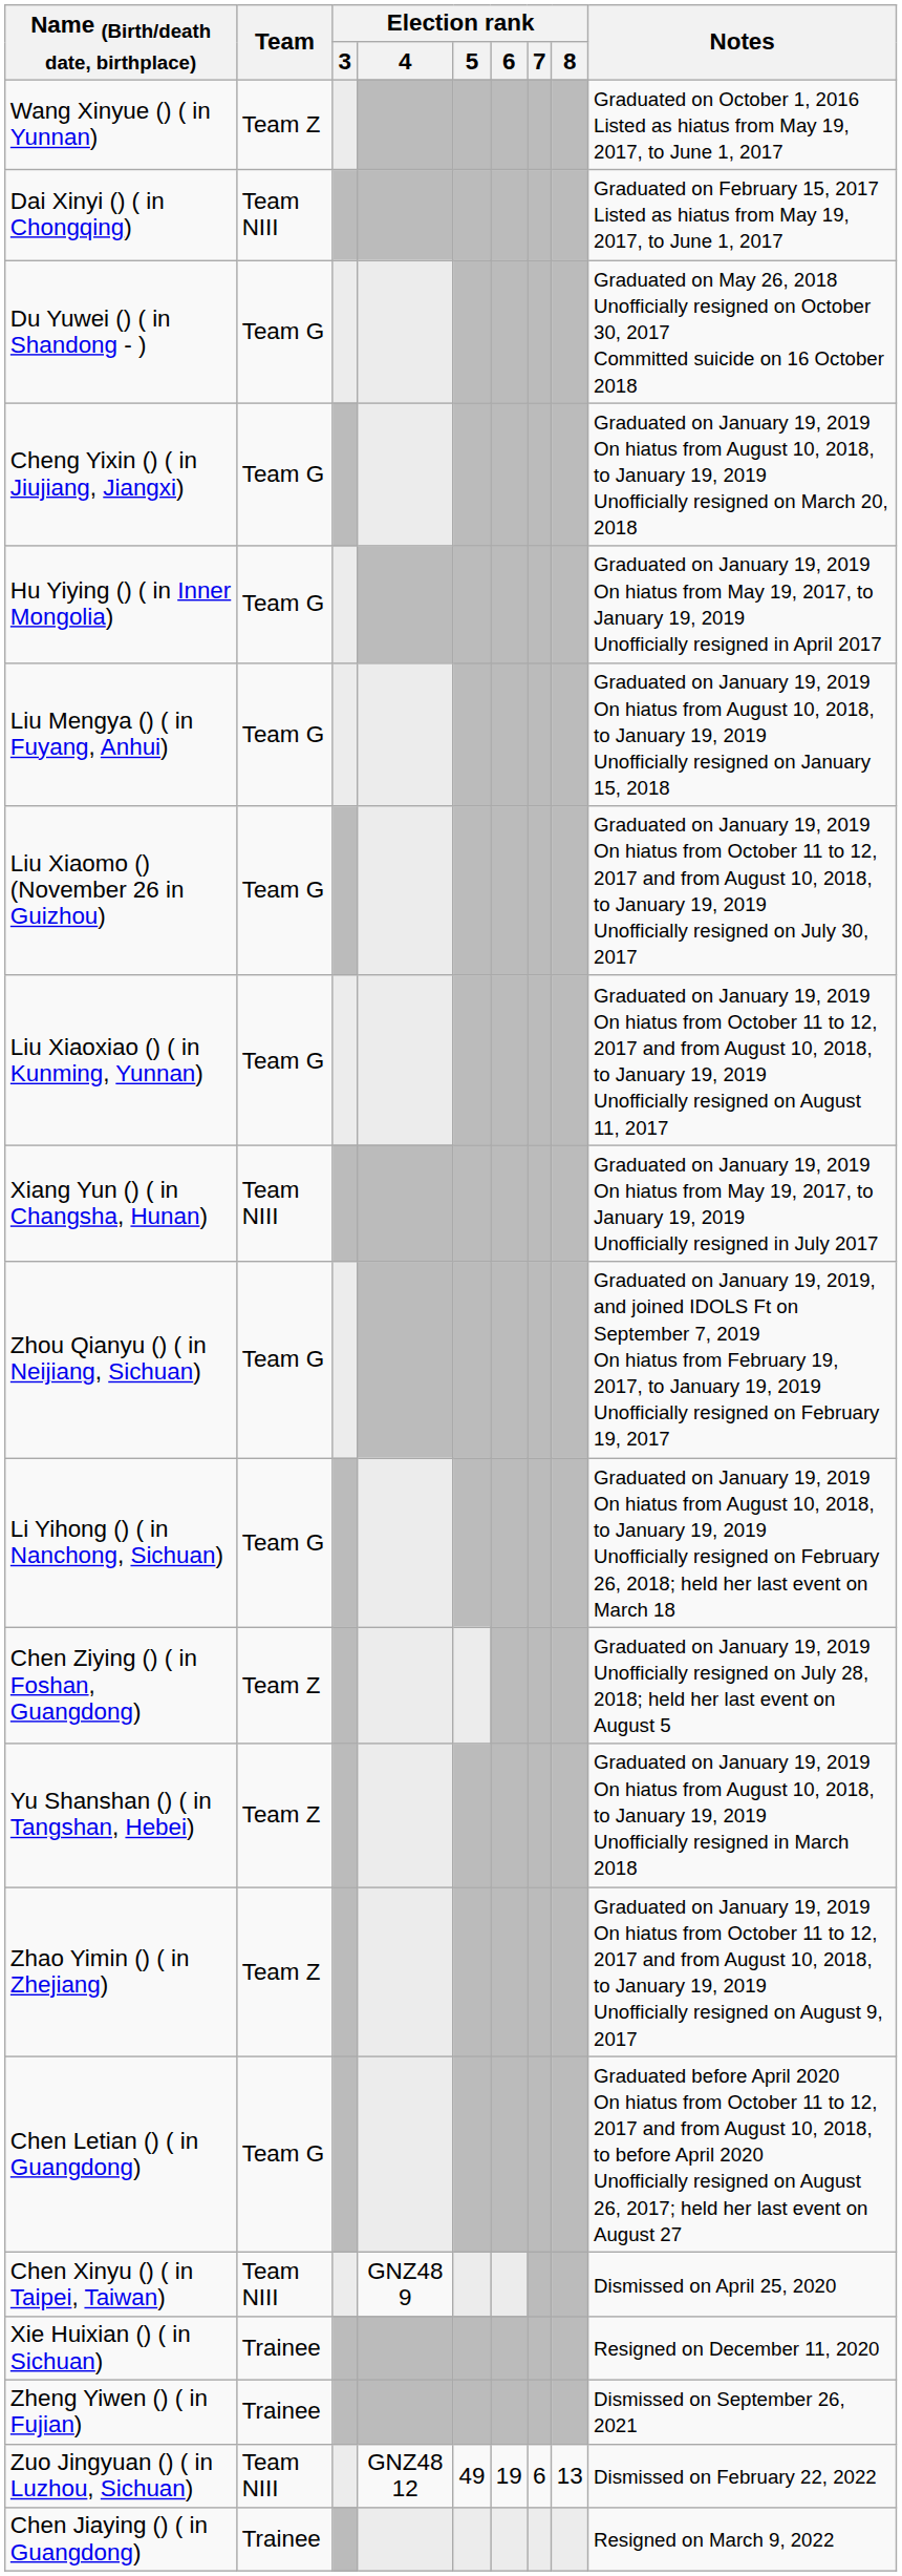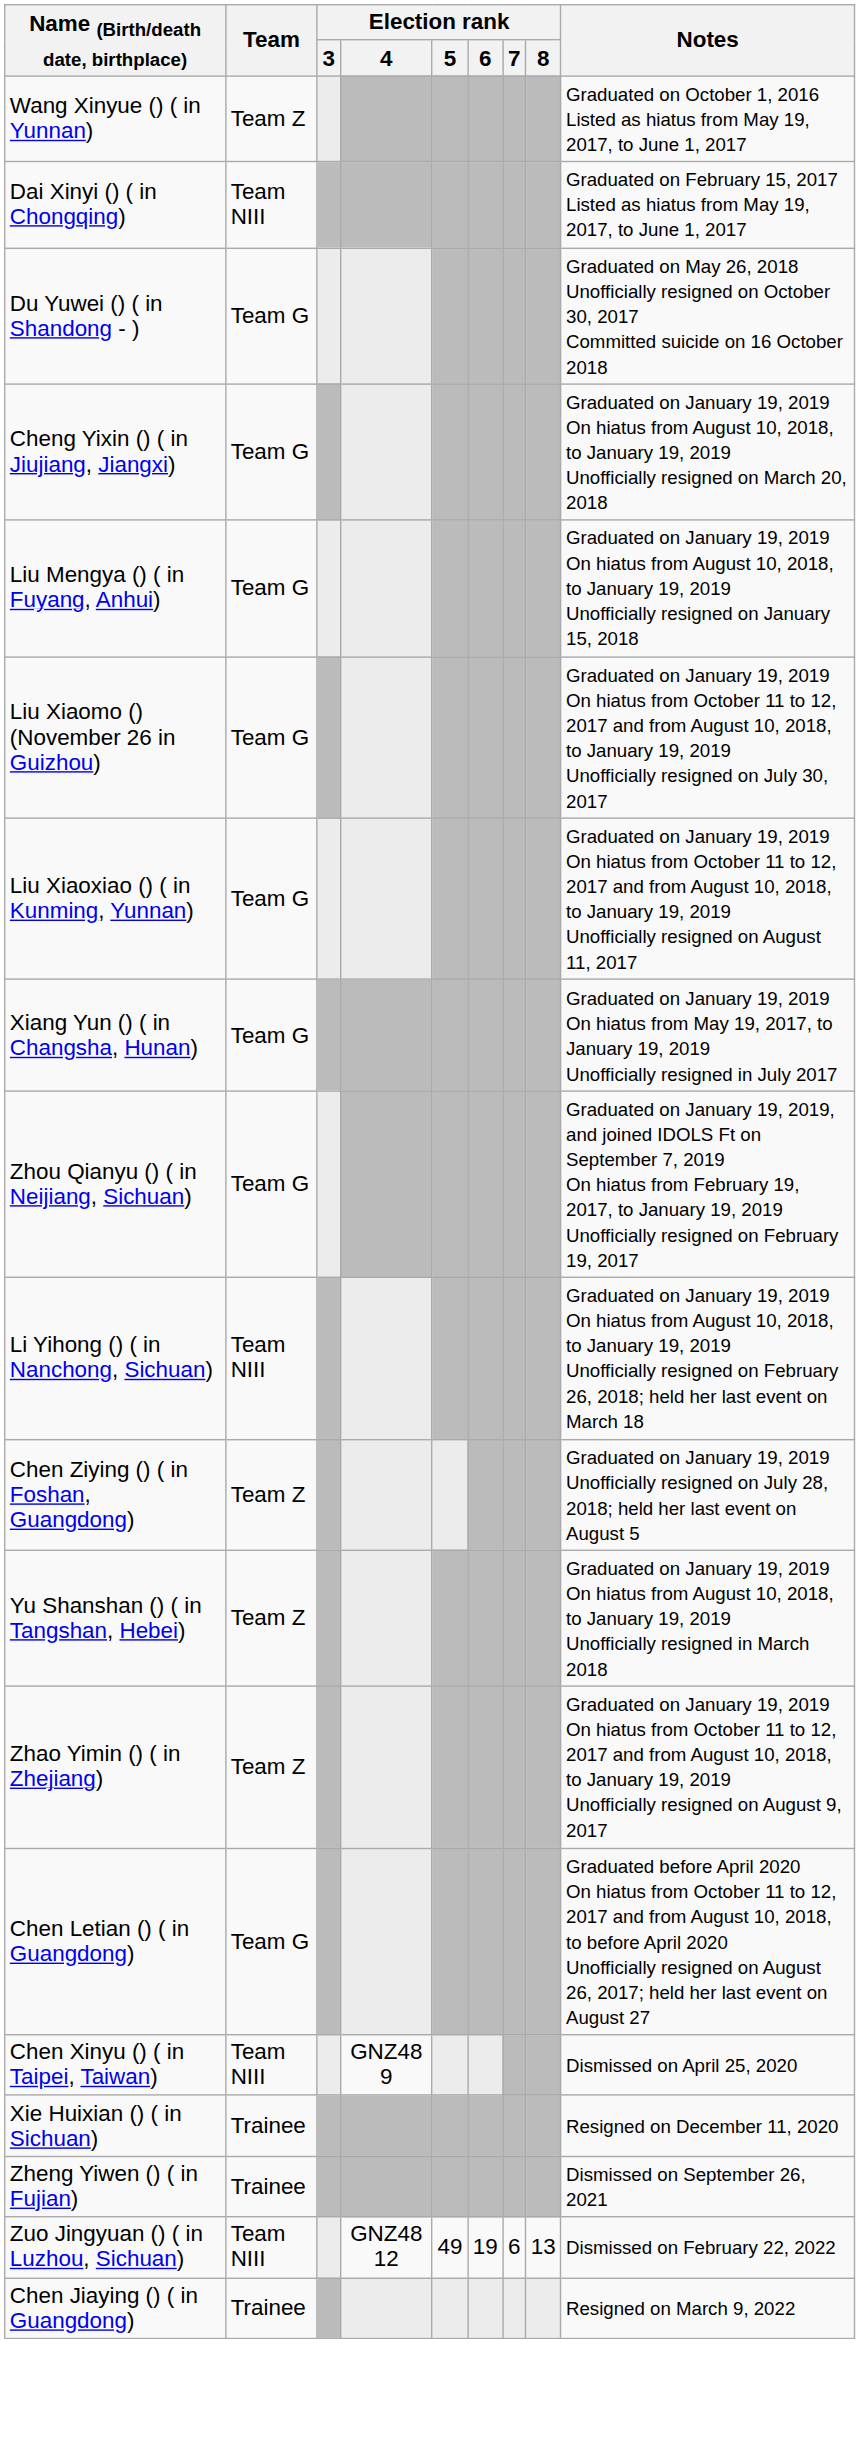 <table class="wikitable" style="text-align:center;">
 <tr>
 <th rowspan="2">Name <sub>(Birth/death date, birthplace)</sub></th>
 <th rowspan="2">Team</th>
 <th colspan="6" class="unsortable">Election rank</th>
 <th rowspan="2">Notes</th>
 </tr>
 <tr>
 <th data-sort-type="number">3</th>
 <th data-sort-type="number">4</th>
 <th data-sort-type="number">5</th>
 <th data-sort-type="number">6</th>
 <th data-sort-type="number">7</th>
 <th data-sort-type="number">8</th>
 </tr>
 <tr>
 <td style="text-align:left;">Wang Xinyue () ( in <a href='#'>Yunnan</a>)</td>
 <td style="text-align:left;">Team Z</td>
 <td style="background:#ececec; color:gray;"></td>
 <td style="background:#bbb;"> </td>
 <td style="background:#bbb;"> </td>
 <td style="background:#bbb;"> </td>
 <td style="background:#bbb;"> </td>
 <td style="background:#bbb;"> </td>
 <td style="text-align:left;"><small>Graduated on October 1, 2016<br>Listed as hiatus from May 19, 2017, to June 1, 2017</small></td>
 </tr>
 <tr>
 <td style="text-align:left;">Dai Xinyi () ( in <a href='#'>Chongqing</a>)</td>
 <td style="text-align:left;">Team NIII</td>
 <td style="background:#bbb;"> </td>
 <td style="background:#bbb;"> </td>
 <td style="background:#bbb;"> </td>
 <td style="background:#bbb;"> </td>
 <td style="background:#bbb;"> </td>
 <td style="background:#bbb;"> </td>
 <td style="text-align:left;"><small>Graduated on February 15, 2017<br>Listed as hiatus from May 19, 2017, to June 1, 2017</small></td>
 </tr>
 <tr>
 <td style="text-align:left;">Du Yuwei () ( in <a href='#'>Shandong</a> - )</td>
 <td style="text-align:left;">Team G</td>
 <td style="background:#ececec; color:gray;"></td>
 <td style="background:#ececec; color:gray;"></td>
 <td style="background:#bbb;"> </td>
 <td style="background:#bbb;"> </td>
 <td style="background:#bbb;"> </td>
 <td style="background:#bbb;"> </td>
 <td style="text-align:left;"><small>Graduated on May 26, 2018<br>Unofficially resigned on October 30, 2017 <br> Committed suicide on 16 October 2018</small></td>
 </tr>
 <tr>
 <td style="text-align:left;">Cheng Yixin ()  ( in <a href='#'>Jiujiang</a>, <a href='#'>Jiangxi</a>)</td>
 <td style="text-align:left;">Team G</td>
 <td style="background:#bbb;"> </td>
 <td style="background:#ececec; color:gray;"></td>
 <td style="background:#bbb;"> </td>
 <td style="background:#bbb;"> </td>
 <td style="background:#bbb;"> </td>
 <td style="background:#bbb;"> </td>
 <td style="text-align:left;"><small>Graduated on January 19, 2019<br>On hiatus from August 10, 2018, to January 19, 2019<br>Unofficially resigned on March 20, 2018</small></td>
 </tr>
 <tr>
-<td style="text-align:left;">Hu Yiying () ( in <a href='#'>Inner Mongolia</a>)</td>
-<td style="text-align:left;">Team G</td>
-<td style="background:#ececec; color:gray;"></td>
-<td style="background:#bbb;"> </td>
-<td style="background:#bbb;"> </td>
-<td style="background:#bbb;"> </td>
-<td style="background:#bbb;"> </td>
-<td style="background:#bbb;"> </td>
-<td style="text-align:left;"><small>Graduated on January 19, 2019<br>On hiatus from May 19, 2017, to January 19, 2019<br>Unofficially resigned in April 2017</small></td>
-</tr>
-<tr>
 <td style="text-align:left;">Liu Mengya () ( in <a href='#'>Fuyang</a>, <a href='#'>Anhui</a>)</td>
 <td style="text-align:left;">Team G</td>
 <td style="background:#ececec; color:gray;"></td>
 <td style="background:#ececec; color:gray;"></td>
 <td style="background:#bbb;"> </td>
 <td style="background:#bbb;"> </td>
 <td style="background:#bbb;"> </td>
 <td style="background:#bbb;"> </td>
 <td style="text-align:left;"><small>Graduated on January 19, 2019<br>On hiatus from August 10, 2018, to January 19, 2019<br>Unofficially resigned on January 15, 2018</small></td>
 </tr>
 <tr>
 <td style="text-align:left;">Liu Xiaomo () (November 26 in <a href='#'>Guizhou</a>)</td>
 <td style="text-align:left;">Team G</td>
 <td style="background:#bbb;"> </td>
 <td style="background:#ececec; color:gray;"></td>
 <td style="background:#bbb;"> </td>
 <td style="background:#bbb;"> </td>
 <td style="background:#bbb;"> </td>
 <td style="background:#bbb;"> </td>
 <td style="text-align:left;"><small>Graduated on January 19, 2019<br>On hiatus from October 11 to 12, 2017 and from August 10, 2018, to January 19, 2019<br>Unofficially resigned on July 30, 2017</small></td>
 </tr>
 <tr>
 <td style="text-align:left;">Liu Xiaoxiao () ( in <a href='#'>Kunming</a>, <a href='#'>Yunnan</a>)</td>
 <td style="text-align:left;">Team G</td>
 <td style="background:#ececec; color:gray;"></td>
 <td style="background:#ececec; color:gray;"></td>
 <td style="background:#bbb;"> </td>
 <td style="background:#bbb;"> </td>
 <td style="background:#bbb;"> </td>
 <td style="background:#bbb;"> </td>
 <td style="text-align:left;"><small>Graduated on January 19, 2019<br>On hiatus from October 11 to 12, 2017 and from August 10, 2018, to January 19, 2019<br>Unofficially resigned on August 11, 2017</small></td>
 </tr>
 <tr>
 <td style="text-align:left;">Xiang Yun () ( in <a href='#'>Changsha</a>, <a href='#'>Hunan</a>)</td>
-<td style="text-align:left;">Team NIII</td>
+<td style="text-align:left;">Team G</td>
 <td style="background:#bbb;"> </td>
 <td style="background:#bbb;"> </td>
 <td style="background:#bbb;"> </td>
 <td style="background:#bbb;"> </td>
 <td style="background:#bbb;"> </td>
 <td style="background:#bbb;"> </td>
 <td style="text-align:left;"><small>Graduated on January 19, 2019<br>On hiatus from May 19, 2017, to January 19, 2019<br>Unofficially resigned in July 2017</small></td>
 </tr>
 <tr>
 <td style="text-align:left;">Zhou Qianyu () ( in <a href='#'>Neijiang</a>, <a href='#'>Sichuan</a>)</td>
 <td style="text-align:left;">Team G</td>
 <td style="background:#ececec; color:gray;"></td>
 <td style="background:#bbb;"> </td>
 <td style="background:#bbb;"> </td>
 <td style="background:#bbb;"> </td>
 <td style="background:#bbb;"> </td>
 <td style="background:#bbb;"> </td>
 <td style="text-align:left;"><small>Graduated on January 19, 2019, and joined IDOLS Ft on September 7, 2019<br>On hiatus from February 19, 2017, to January 19, 2019<br>Unofficially resigned on February 19, 2017</small></td>
 </tr>
 <tr>
 <td style="text-align:left;">Li Yihong () ( in <a href='#'>Nanchong</a>, <a href='#'>Sichuan</a>)</td>
-<td style="text-align:left;">Team G</td>
+<td style="text-align:left;">Team NIII</td>
 <td style="background:#bbb;"> </td>
 <td style="background:#ececec; color:gray;"></td>
 <td style="background:#bbb;"> </td>
 <td style="background:#bbb;"> </td>
 <td style="background:#bbb;"> </td>
 <td style="background:#bbb;"> </td>
 <td style="text-align:left;"><small>Graduated on January 19, 2019<br>On hiatus from August 10, 2018, to January 19, 2019<br>Unofficially resigned on February 26, 2018; held her last event on March 18</small></td>
 </tr>
 <tr>
 <td style="text-align:left;">Chen Ziying () ( in <a href='#'>Foshan</a>, <a href='#'>Guangdong</a>)</td>
 <td style="text-align:left;">Team Z</td>
 <td style="background:#bbb;"> </td>
 <td style="background:#ececec; color:gray;"></td>
 <td style="background:#ececec; color:gray;"></td>
 <td style="background:#bbb;"> </td>
 <td style="background:#bbb;"> </td>
 <td style="background:#bbb;"> </td>
 <td style="text-align:left;"><small>Graduated on January 19, 2019<br>Unofficially resigned on July 28, 2018; held her last event on August 5</small></td>
 </tr>
 <tr>
 <td style="text-align:left;">Yu Shanshan () ( in <a href='#'>Tangshan</a>, <a href='#'>Hebei</a>)</td>
 <td style="text-align:left;">Team Z</td>
 <td style="background:#bbb;"> </td>
 <td style="background:#ececec; color:gray;"></td>
 <td style="background:#bbb;"> </td>
 <td style="background:#bbb;"> </td>
 <td style="background:#bbb;"> </td>
 <td style="background:#bbb;"> </td>
 <td style="text-align:left;"><small>Graduated on January 19, 2019<br>On hiatus from August 10, 2018, to January 19, 2019<br>Unofficially resigned in March 2018</small></td>
 </tr>
 <tr>
 <td style="text-align:left;">Zhao Yimin () ( in <a href='#'>Zhejiang</a>)</td>
 <td style="text-align:left;">Team Z</td>
 <td style="background:#bbb;"> </td>
 <td style="background:#ececec; color:gray;"></td>
 <td style="background:#bbb;"> </td>
 <td style="background:#bbb;"> </td>
 <td style="background:#bbb;"> </td>
 <td style="background:#bbb;"> </td>
 <td style="text-align:left;"><small>Graduated on January 19, 2019<br>On hiatus from October 11 to 12, 2017 and from August 10, 2018, to January 19, 2019<br>Unofficially resigned on August 9, 2017</small></td>
 </tr>
 <tr>
 <td style="text-align:left;">Chen Letian () ( in <a href='#'>Guangdong</a>)</td>
 <td style="text-align:left;">Team G</td>
 <td style="background:#bbb;"> </td>
 <td style="background:#ececec; color:gray;"></td>
 <td style="background:#bbb;"> </td>
 <td style="background:#bbb;"> </td>
 <td style="background:#bbb;"> </td>
 <td style="background:#bbb;"> </td>
 <td style="text-align:left;"><small>Graduated before April 2020<br>On hiatus from October 11 to 12, 2017 and from August 10, 2018, to before April 2020<br>Unofficially resigned on August 26, 2017; held her last event on August 27</small></td>
 </tr>
 <tr>
 <td style="text-align:left;">Chen Xinyu () ( in <a href='#'>Taipei</a>, <a href='#'>Taiwan</a>)</td>
 <td style="text-align:left;">Team NIII</td>
 <td style="background:#ececec; color:gray;"></td>
 <td>GNZ48 9</td>
 <td style="background:#ececec; color:gray;"></td>
 <td style="background:#ececec; color:gray;"></td>
 <td style="background:#bbb;"> </td>
 <td style="background:#bbb;"> </td>
 <td style="text-align:left;"><small>Dismissed on April 25, 2020</small></td>
 </tr>
 <tr>
 <td style="text-align:left;">Xie Huixian () ( in <a href='#'>Sichuan</a>)</td>
 <td style="text-align:left;">Trainee</td>
 <td style="background:#bbb;"> </td>
 <td style="background:#bbb;"> </td>
 <td style="background:#bbb;"> </td>
 <td style="background:#bbb;"> </td>
 <td style="background:#bbb;"> </td>
 <td style="background:#bbb;"> </td>
 <td style="text-align:left;"><small>Resigned on December 11, 2020</small></td>
 </tr>
 <tr>
 <td style="text-align:left;">Zheng Yiwen () ( in <a href='#'>Fujian</a>)</td>
 <td style="text-align:left;">Trainee</td>
 <td style="background:#bbb;"> </td>
 <td style="background:#bbb;"> </td>
 <td style="background:#bbb;"> </td>
 <td style="background:#bbb;"> </td>
 <td style="background:#bbb;"> </td>
 <td style="background:#bbb;"> </td>
 <td style="text-align:left;"><small>Dismissed on September 26, 2021</small></td>
 </tr>
 <tr>
 <td style="text-align:left;">Zuo Jingyuan () ( in <a href='#'>Luzhou</a>, <a href='#'>Sichuan</a>)</td>
 <td style="text-align:left;">Team NIII</td>
 <td style="background:#ececec; color:gray;"></td>
 <td>GNZ48 12</td>
 <td>49</td>
 <td>19</td>
 <td>6</td>
 <td>13</td>
 <td style="text-align:left;"><small>Dismissed on February 22, 2022</small></td>
 </tr>
 <tr>
 <td style="text-align:left;">Chen Jiaying () ( in <a href='#'>Guangdong</a>)</td>
 <td style="text-align:left;">Trainee</td>
 <td style="background:#bbb;"> </td>
 <td style="background:#ececec; color:gray;"></td>
 <td style="background:#ececec; color:gray;"></td>
 <td style="background:#ececec; color:gray;"></td>
 <td style="background:#ececec; color:gray;"></td>
 <td style="background:#ececec; color:gray;"></td>
 <td style="text-align:left;"><small>Resigned on March 9, 2022</small></td>
 </tr>
 </table>
